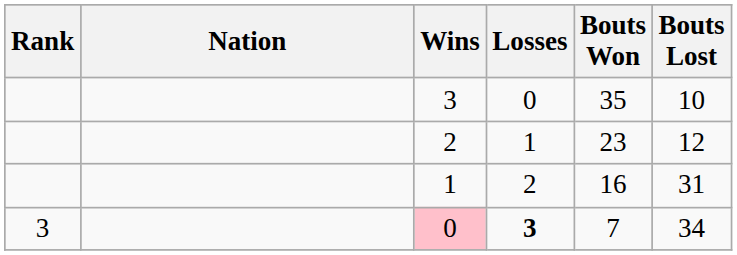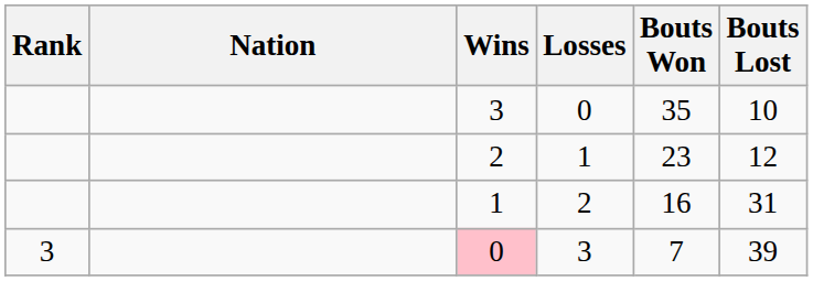 <table class="wikitable" style="text-align:center">
 <tr>
 <th width="20">Rank</th>
 <th width="190">Nation</th>
 <th width="20">Wins</th>
 <th width="20">Losses</th>
 <th width="20">Bouts Won</th>
 <th width="20">Bouts Lost</th>
 </tr>
 <tr>
 <td></td>
 <td align=left></td>
 <td>3</td>
 <td>0</td>
 <td>35</td>
 <td>10</td>
 </tr>
 <tr>
 <td></td>
 <td align=left></td>
 <td>2</td>
 <td>1</td>
 <td>23</td>
 <td>12</td>
 </tr>
 <tr>
 <td></td>
 <td align=left></td>
 <td>1</td>
 <td>2</td>
 <td>16</td>
 <td>31</td>
 </tr>
 <tr>
 <td>3</td>
 <td align=left></td>
 <td style="background: pink;">0</td>
-<td><strong>3</strong></td>
+<td>3</td>
 <td>7</td>
-<td>34</td>
+<td>39</td>
 </tr>
 </table>
